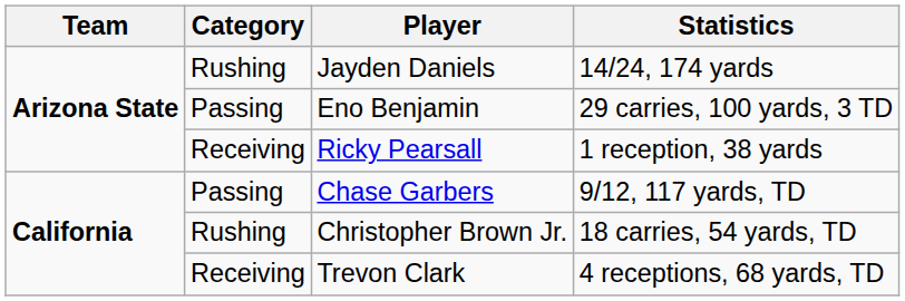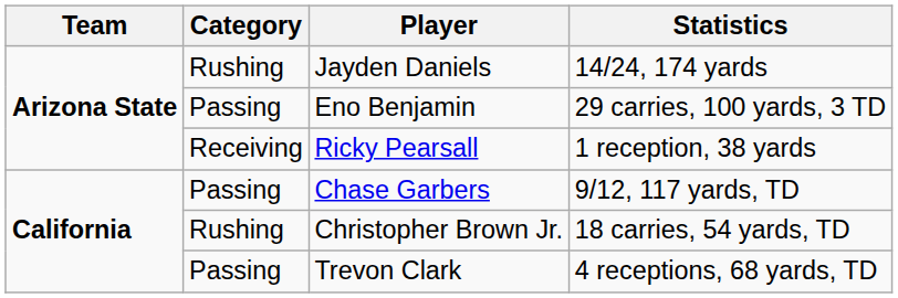 <table class="wikitable" style="float: right;">
 <tr>
 <th>Team</th>
 <th>Category</th>
 <th>Player</th>
 <th>Statistics</th>
 </tr>
 <tr>
 <td rowspan=3><strong>Arizona State</strong></td>
 <td>Rushing</td>
 <td>Jayden Daniels</td>
 <td>14/24, 174 yards</td>
 </tr>
 <tr>
 <td>Passing</td>
 <td>Eno Benjamin</td>
 <td>29 carries, 100 yards, 3 TD</td>
 </tr>
 <tr>
 <td>Receiving</td>
 <td><a href='#'>Ricky Pearsall</a></td>
 <td>1 reception, 38 yards</td>
 </tr>
 <tr>
 <td rowspan=3><strong>California</strong></td>
 <td>Passing</td>
 <td><a href='#'>Chase Garbers</a></td>
 <td>9/12, 117 yards, TD</td>
 </tr>
 <tr>
 <td>Rushing</td>
 <td>Christopher Brown Jr.</td>
 <td>18 carries, 54 yards, TD</td>
 </tr>
 <tr>
-<td>Receiving</td>
+<td>Passing</td>
 <td>Trevon Clark</td>
 <td>4 receptions, 68 yards, TD</td>
 </tr>
 </table>
